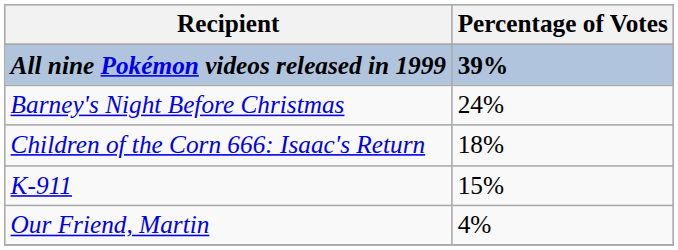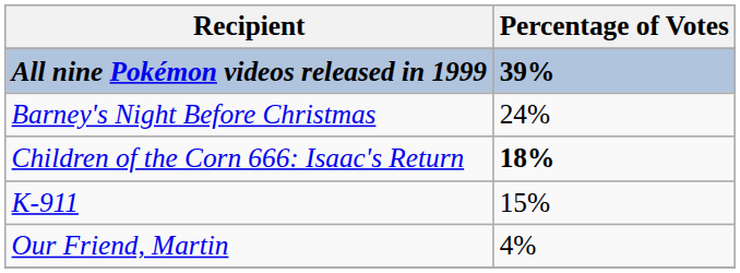 <table class="wikitable sortable plainrowheaders" align="centre">
 <tr>
 <th>Recipient</th>
 <th>Percentage of Votes</th>
 </tr>
 <tr>
 </tr>
 <tr style="background:#B0C4DE;">
 <td><strong><em>All nine <a href='#'>Pokémon</a> videos released in 1999</em></strong></td>
 <td><strong>39%</strong></td>
 </tr>
 <tr>
 <td><em><a href='#'>Barney's Night Before Christmas</a></em></td>
 <td>24%</td>
 </tr>
 <tr>
 <td><em><a href='#'>Children of the Corn 666: Isaac's Return</a></em></td>
-<td>18%</td>
+<td><strong>18%</strong></td>
 </tr>
 <tr>
 <td><em><a href='#'>K-911</a></em></td>
 <td>15%</td>
 </tr>
 <tr>
 <td><em><a href='#'>Our Friend, Martin</a></em></td>
 <td>4%</td>
 </tr>
 <tr>
 </tr>
 </table>
